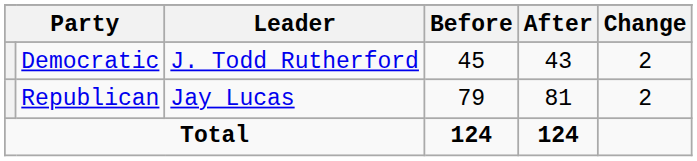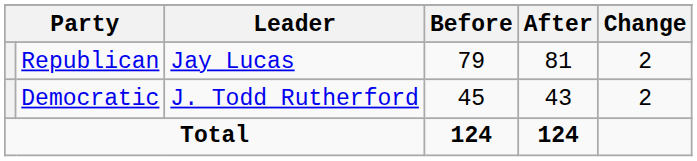 <table class="wikitable" style="text-align:center;">
 <tr>
 </tr>
 <tr>
 <th colspan=2>Party</th>
 <th>Leader</th>
 <th>Before</th>
 <th>After</th>
 <th>Change</th>
 </tr>
 <tr>
 <th style="background-color:"></th>
+<td style="text-align:left;"><a href='#'>Republican</a></td>
+<td style="text-align:left;"><a href='#'>Jay Lucas</a></td>
+<td>79</td>
+<td>81</td>
+<td> 2</td>
+</tr>
+<tr>
+<th style="background-color:"></th>
 <td style="text-align:left;"><a href='#'>Democratic</a></td>
 <td style="text-align:left;"><a href='#'>J. Todd Rutherford</a></td>
 <td>45</td>
 <td>43</td>
-<td> 2</td>
-</tr>
-<tr>
-<th style="background-color:"></th>
-<td style="text-align:left;"><a href='#'>Republican</a></td>
-<td style="text-align:left;"><a href='#'>Jay Lucas</a></td>
-<td>79</td>
-<td>81</td>
 <td> 2</td>
 </tr>
 <tr>
 <td colspan=3><strong>Total</strong></td>
 <td><strong>124</strong></td>
 <td><strong>124</strong></td>
 <td></td>
 </tr>
 </table>
